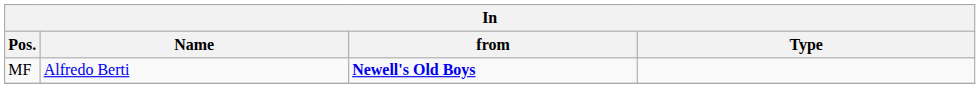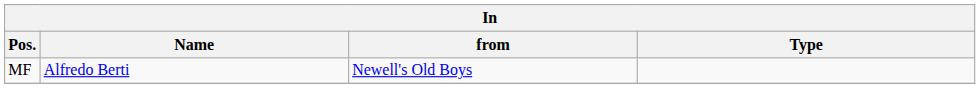 <table class="wikitable" style="font-size:90%;width:99%;">
 <tr>
 <th colspan="4">In</th>
 </tr>
 <tr>
 <th width=3%>Pos.</th>
 <th width=32%>Name</th>
 <th width=30%>from</th>
 <th width=35%>Type</th>
 </tr>
 <tr>
 <td>MF</td>
 <td><a href='#'>Alfredo Berti</a></td>
-<td><strong><a href='#'>Newell's Old Boys</a></strong></td>
+<td><a href='#'>Newell's Old Boys</a></td>
 <td></td>
 </tr>
 <tr>
 </tr>
 </table>
